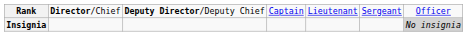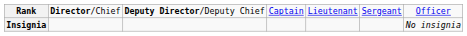 <table class="wikitable">
 <tr style="text-align:center;">
 <th>Rank</th>
 <td><strong>Director</strong>/Chief</td>
 <td><strong>Deputy Director</strong>/Deputy Chief</td>
 <td><a href='#'>Captain</a></td>
 <td><a href='#'>Lieutenant</a></td>
 <td><a href='#'>Sergeant</a></td>
 <td><a href='#'>Officer</a></td>
 </tr>
 <tr style="text-align:center;">
 <th>Insignia</th>
 <td></td>
 <td></td>
 <td></td>
 <td></td>
 <td></td>
-<td style="background: lightgrey;"><em>No insignia</em></td>
+<td><em>No insignia</em></td>
 </tr>
 </table>
